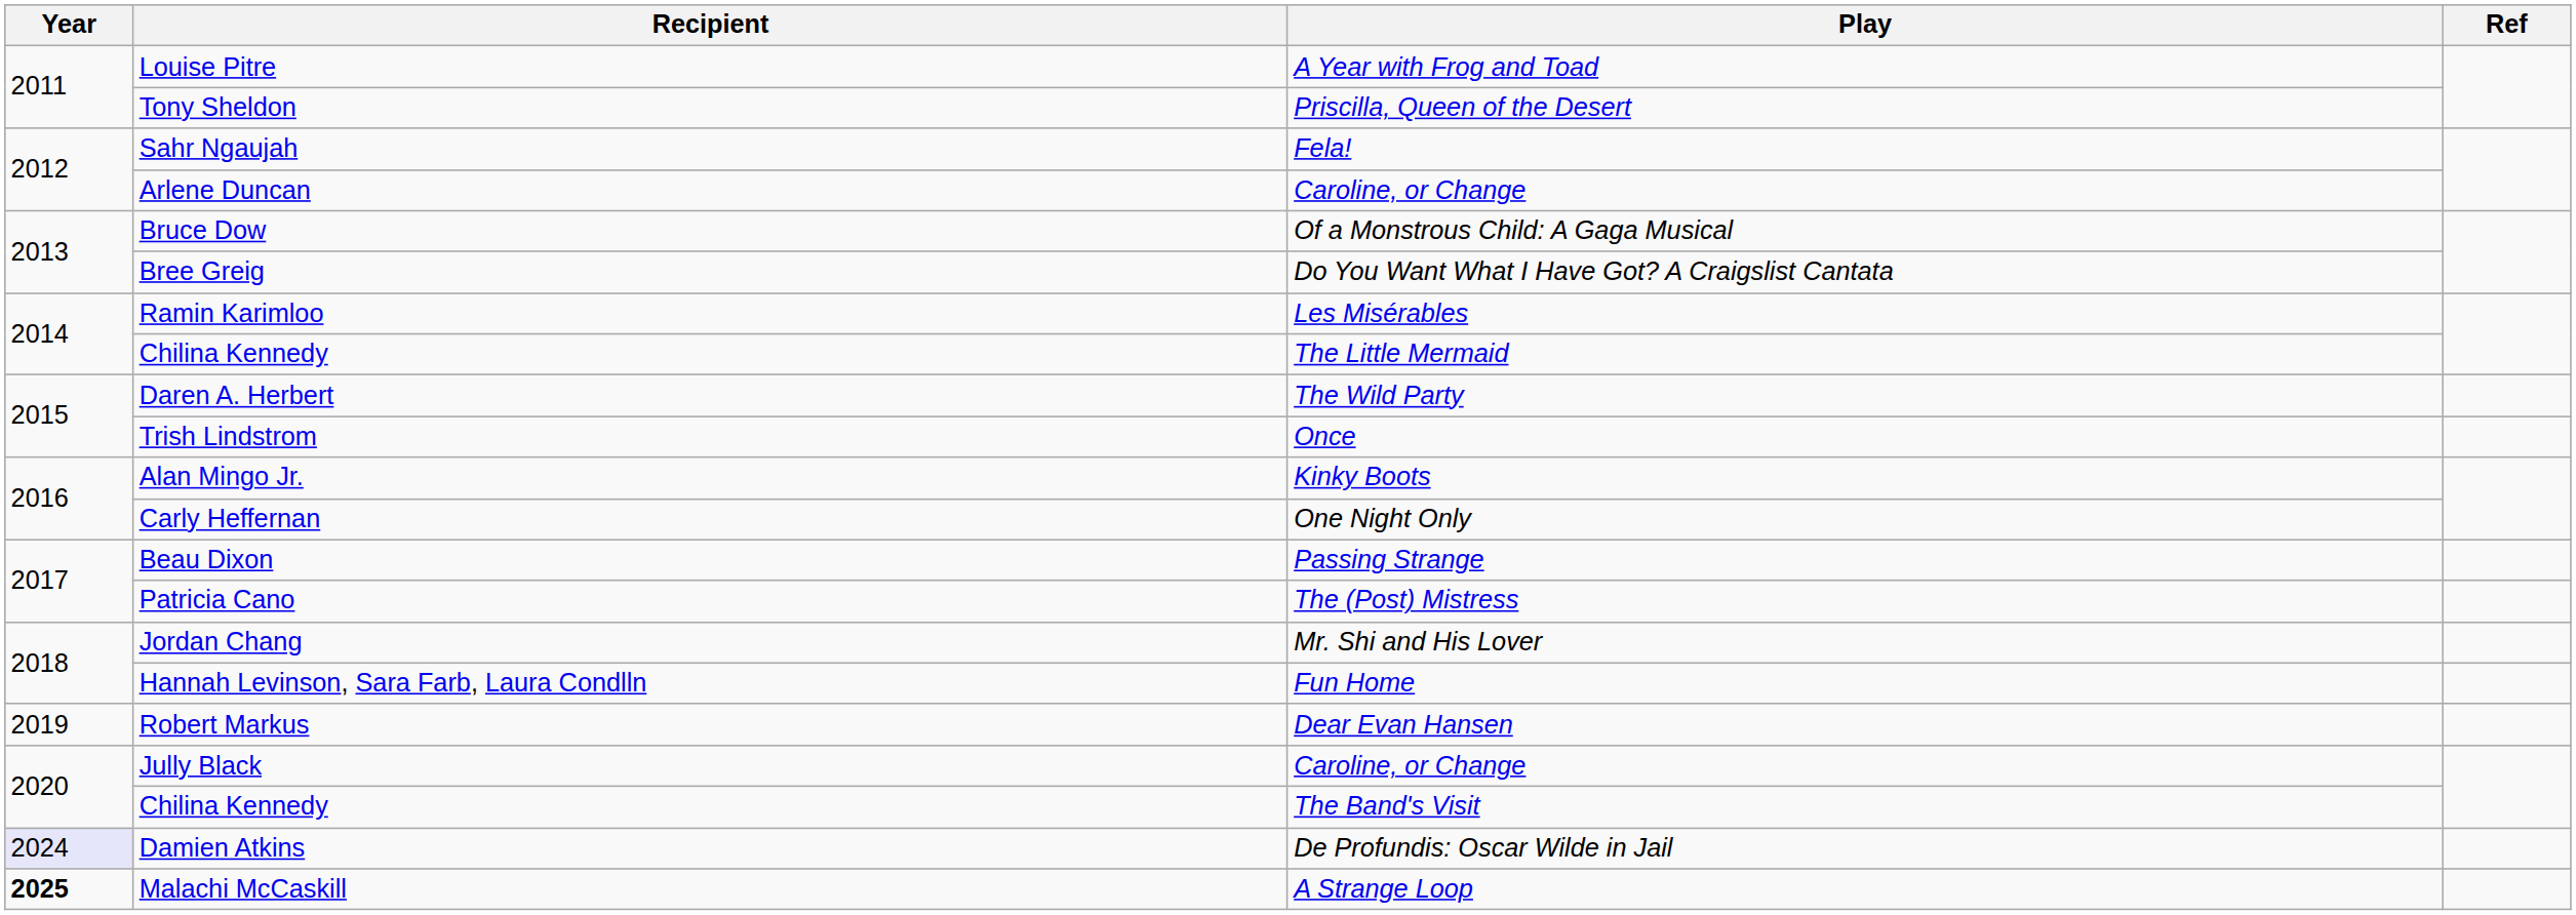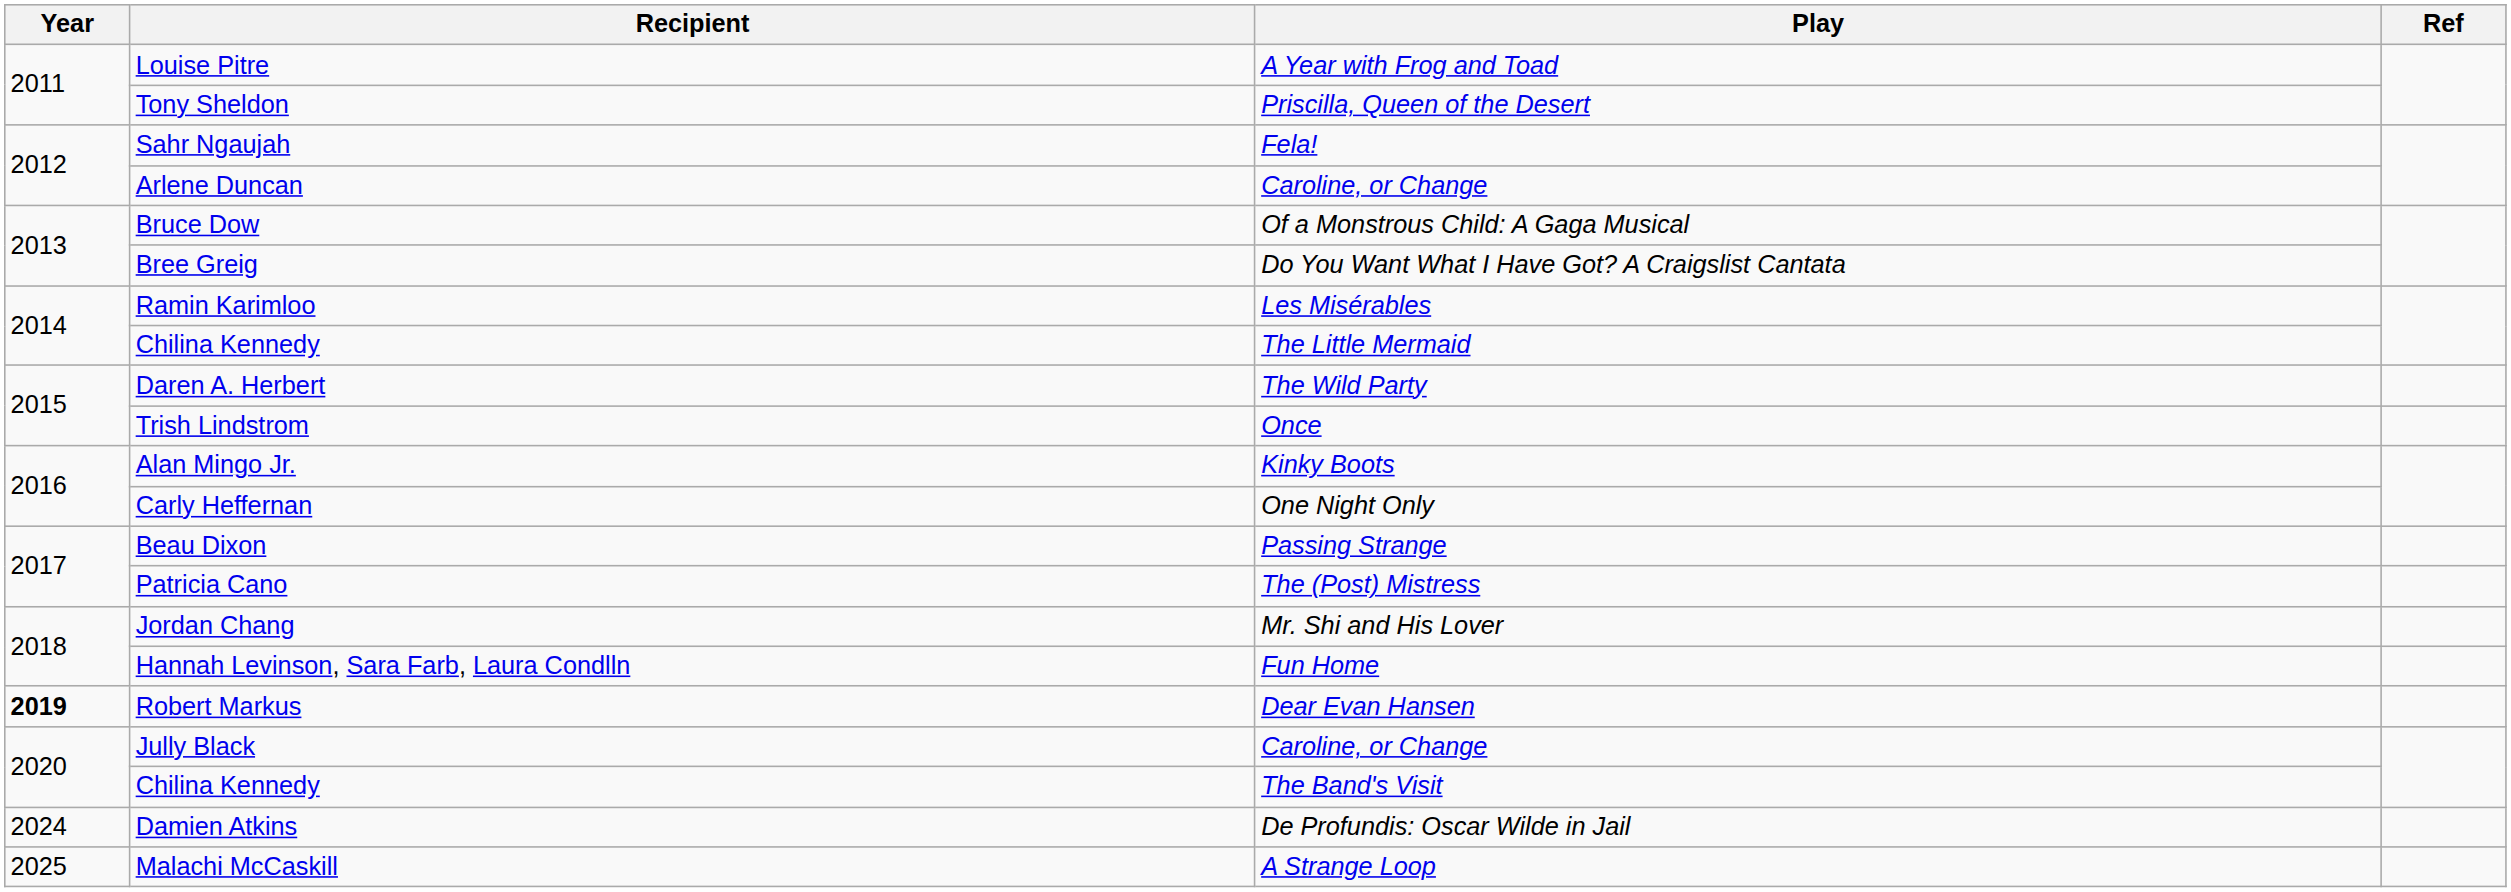 <table class = "wikitable sortable" width=100%>
 <tr>
 <th width=5%>Year</th>
 <th width=45%>Recipient</th>
 <th width=45%>Play</th>
 <th width=5%>Ref</th>
 </tr>
 <tr>
 <td rowspan=2>2011</td>
 <td><a href='#'>Louise Pitre</a></td>
 <td><em><a href='#'>A Year with Frog and Toad</a></em></td>
 <td rowspan=2></td>
 </tr>
 <tr>
 <td><a href='#'>Tony Sheldon</a></td>
 <td><em><a href='#'>Priscilla, Queen of the Desert</a></em></td>
 </tr>
 <tr>
 <td rowspan=2>2012</td>
 <td><a href='#'>Sahr Ngaujah</a></td>
 <td><em><a href='#'>Fela!</a></em></td>
 <td rowspan=2></td>
 </tr>
 <tr>
 <td><a href='#'>Arlene Duncan</a></td>
 <td><em><a href='#'>Caroline, or Change</a></em></td>
 </tr>
 <tr>
 <td rowspan=2>2013</td>
 <td><a href='#'>Bruce Dow</a></td>
 <td><em>Of a Monstrous Child: A Gaga Musical</em></td>
 <td rowspan=2></td>
 </tr>
 <tr>
 <td><a href='#'>Bree Greig</a></td>
 <td><em>Do You Want What I Have Got? A Craigslist Cantata</em></td>
 </tr>
 <tr>
 <td rowspan=2>2014</td>
 <td><a href='#'>Ramin Karimloo</a></td>
 <td><em><a href='#'>Les Misérables</a></em></td>
 <td rowspan=2></td>
 </tr>
 <tr>
 <td><a href='#'>Chilina Kennedy</a></td>
 <td><em><a href='#'>The Little Mermaid</a></em></td>
 </tr>
 <tr>
 <td rowspan=2>2015</td>
 <td><a href='#'>Daren A. Herbert</a></td>
 <td><em><a href='#'>The Wild Party</a></em></td>
 <td></td>
 </tr>
 <tr>
 <td><a href='#'>Trish Lindstrom</a></td>
 <td><em><a href='#'>Once</a></em></td>
 </tr>
 <tr>
 <td rowspan=2>2016</td>
 <td><a href='#'>Alan Mingo Jr.</a></td>
 <td><em><a href='#'>Kinky Boots</a></em></td>
 <td rowspan=2></td>
 </tr>
 <tr>
 <td><a href='#'>Carly Heffernan</a></td>
 <td><em>One Night Only</em></td>
 </tr>
 <tr>
 <td rowspan=2>2017</td>
 <td><a href='#'>Beau Dixon</a></td>
 <td><em><a href='#'>Passing Strange</a></em></td>
 <td></td>
 </tr>
 <tr>
 <td><a href='#'>Patricia Cano</a></td>
 <td><em><a href='#'>The (Post) Mistress</a></em></td>
 </tr>
 <tr>
 <td rowspan=2>2018</td>
 <td><a href='#'>Jordan Chang</a></td>
 <td><em>Mr. Shi and His Lover</em></td>
 <td></td>
 </tr>
 <tr>
 <td><a href='#'>Hannah Levinson</a>, <a href='#'>Sara Farb</a>, <a href='#'>Laura Condlln</a></td>
 <td><em><a href='#'>Fun Home</a></em></td>
 </tr>
 <tr>
-<td>2019</td>
+<td><strong>2019</strong></td>
 <td><a href='#'>Robert Markus</a></td>
 <td><em><a href='#'>Dear Evan Hansen</a></em></td>
 <td></td>
 </tr>
 <tr>
 <td rowspan=2>2020</td>
 <td><a href='#'>Jully Black</a></td>
 <td><em><a href='#'>Caroline, or Change</a></em></td>
 <td rowspan=2></td>
 </tr>
 <tr>
 <td><a href='#'>Chilina Kennedy</a></td>
 <td><em><a href='#'>The Band's Visit</a></em></td>
 </tr>
 <tr>
-<td style="background: lavender;">2024</td>
+<td>2024</td>
 <td><a href='#'>Damien Atkins</a></td>
 <td><em>De Profundis: Oscar Wilde in Jail</em></td>
 <td></td>
 </tr>
 <tr>
-<td><strong>2025</strong></td>
+<td>2025</td>
 <td><a href='#'>Malachi McCaskill</a></td>
 <td><em><a href='#'>A Strange Loop</a></em></td>
 <td></td>
 </tr>
 </table>
